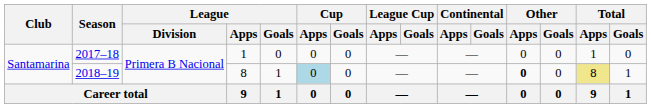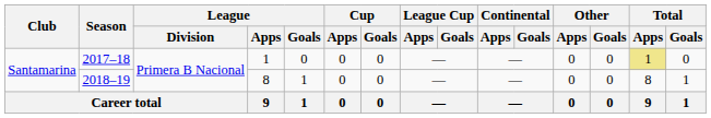 <table class="wikitable" style="text-align:center">
 <tr>
 <th rowspan="2">Club</th>
 <th rowspan="2">Season</th>
 <th colspan="3">League</th>
 <th colspan="2">Cup</th>
 <th colspan="2">League Cup</th>
 <th colspan="2">Continental</th>
 <th colspan="2">Other</th>
 <th colspan="2">Total</th>
 </tr>
 <tr>
 <th>Division</th>
 <th>Apps</th>
 <th>Goals</th>
 <th>Apps</th>
 <th>Goals</th>
 <th>Apps</th>
 <th>Goals</th>
 <th>Apps</th>
 <th>Goals</th>
 <th>Apps</th>
 <th>Goals</th>
 <th>Apps</th>
 <th>Goals</th>
 </tr>
 <tr>
 <td rowspan="2"><a href='#'>Santamarina</a></td>
 <td><a href='#'>2017–18</a></td>
 <td rowspan="2"><a href='#'>Primera B Nacional</a></td>
 <td>1</td>
 <td>0</td>
 <td>0</td>
 <td>0</td>
 <td colspan="2">—</td>
 <td colspan="2">—</td>
 <td>0</td>
 <td>0</td>
-<td>1</td>
+<td style="background: khaki;">1</td>
 <td>0</td>
 </tr>
 <tr>
 <td><a href='#'>2018–19</a></td>
 <td>8</td>
 <td>1</td>
-<td style="background: lightblue;">0</td>
+<td>0</td>
 <td>0</td>
 <td colspan="2">—</td>
 <td colspan="2">—</td>
-<td><strong>0</strong></td>
 <td>0</td>
-<td style="background: khaki;">8</td>
+<td>0</td>
+<td>8</td>
 <td>1</td>
 </tr>
 <tr>
 <th colspan="3">Career total</th>
 <th>9</th>
 <th>1</th>
 <th>0</th>
 <th>0</th>
 <th colspan="2">—</th>
 <th colspan="2">—</th>
 <th>0</th>
 <th>0</th>
 <th>9</th>
 <th>1</th>
 </tr>
 </table>
